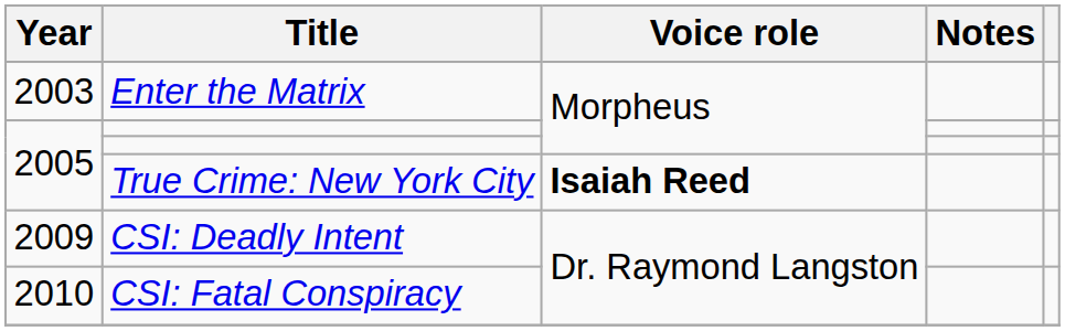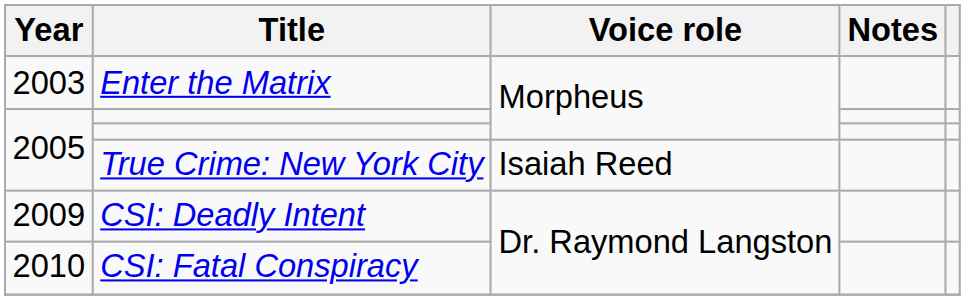 <table class="wikitable sortable plainrowheaders">
 <tr>
 <th scope="col">Year</th>
 <th scope="col">Title</th>
 <th scope="col">Voice role</th>
 <th scope="col" class="unsortable">Notes</th>
 <th scope="col" class="unsortable"></th>
 </tr>
 <tr>
 <td>2003</td>
 <td><em><a href='#'>Enter the Matrix</a></em></td>
 <td rowspan="3">Morpheus</td>
 <td></td>
 <td></td>
 </tr>
 <tr>
 <td rowspan="3">2005</td>
 <td><em></em></td>
 <td></td>
 <td></td>
 </tr>
 <tr>
 <td><em></em></td>
 <td></td>
 <td></td>
 </tr>
 <tr>
 <td><em><a href='#'>True Crime: New York City</a></em></td>
-<td><strong>Isaiah Reed</strong></td>
+<td>Isaiah Reed</td>
 <td></td>
 <td style="text-align:center;"></td>
 </tr>
 <tr>
 <td>2009</td>
 <td><em><a href='#'>CSI: Deadly Intent</a></em></td>
 <td rowspan="2">Dr. Raymond Langston</td>
 <td></td>
 <td></td>
 </tr>
 <tr>
 <td>2010</td>
 <td><em><a href='#'>CSI: Fatal Conspiracy</a></em></td>
 <td></td>
 <td></td>
 </tr>
 <tr>
 </tr>
 </table>
